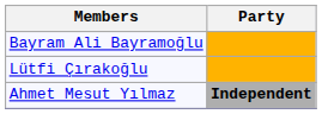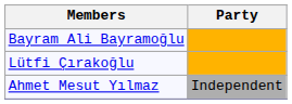 <table class=wikitable style="border:1px solid #8888aa; background-color:#f7f8ff; padding:0px; font-size:90%;">
 <tr>
 <th>Members</th>
 <th colspan="2">Party</th>
 </tr>
 <tr>
 <td><a href='#'>Bayram Ali Bayramoğlu</a></td>
 <td style="background: #ffb300"></td>
 </tr>
 <tr>
 <td><a href='#'>Lütfi Çırakoğlu</a></td>
 <td style="background: #ffb300"></td>
 </tr>
 <tr>
 <td><a href='#'>Ahmet Mesut Yılmaz</a></td>
-<td style="background: #AEAEAE"><strong>Independent</strong></td>
+<td style="background: #AEAEAE">Independent</td>
 </tr>
 <tr>
 </tr>
 </table>
